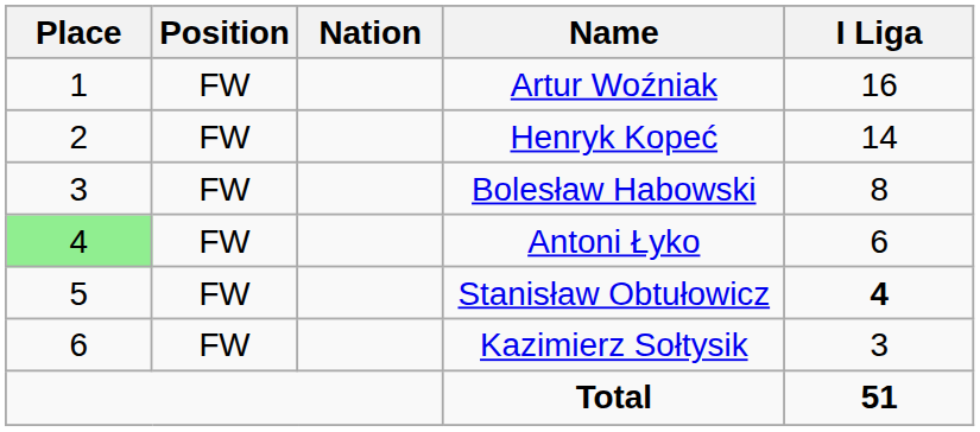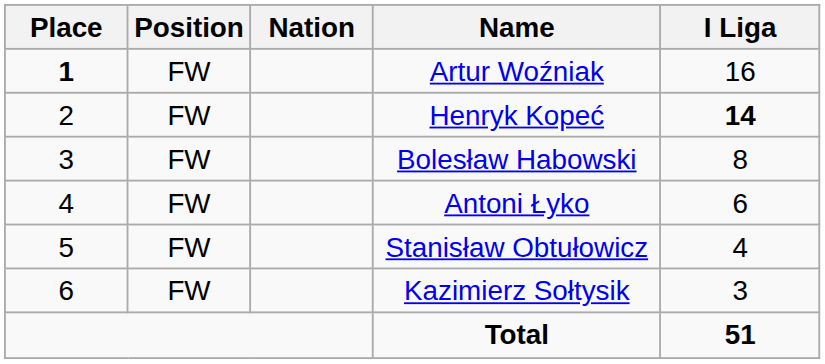 <table class="wikitable" style="font-size: 95%; text-align: center;">
 <tr>
 <th width=60>Place</th>
 <th width=60>Position</th>
 <th width=60>Nation</th>
 <th width=150>Name</th>
 <th width=80>I Liga</th>
 </tr>
 <tr>
-<td>1</td>
+<td><strong>1</strong></td>
 <td>FW</td>
 <td></td>
 <td><a href='#'>Artur Woźniak</a></td>
 <td>16</td>
 </tr>
 <tr>
 <td>2</td>
 <td>FW</td>
 <td></td>
 <td><a href='#'>Henryk Kopeć</a></td>
-<td>14</td>
+<td><strong>14</strong></td>
 </tr>
 <tr>
 <td>3</td>
 <td>FW</td>
 <td></td>
 <td><a href='#'>Bolesław Habowski</a></td>
 <td>8</td>
 </tr>
 <tr>
-<td style="background: lightgreen;">4</td>
+<td>4</td>
 <td>FW</td>
 <td></td>
 <td><a href='#'>Antoni Łyko</a></td>
 <td>6</td>
 </tr>
 <tr>
 <td>5</td>
 <td>FW</td>
 <td></td>
 <td><a href='#'>Stanisław Obtułowicz</a></td>
-<td><strong>4</strong></td>
+<td>4</td>
 </tr>
 <tr>
 <td>6</td>
 <td>FW</td>
 <td></td>
 <td><a href='#'>Kazimierz Sołtysik</a></td>
 <td>3</td>
 </tr>
 <tr>
 <td colspan="3"></td>
 <td><strong>Total</strong></td>
 <td><strong>51</strong></td>
 </tr>
 </table>
